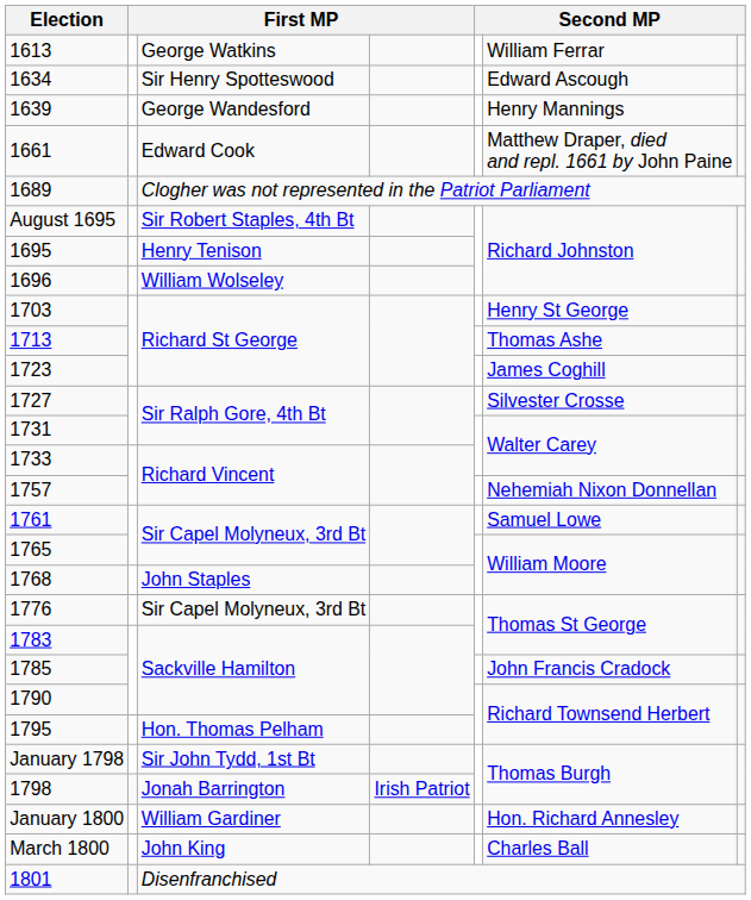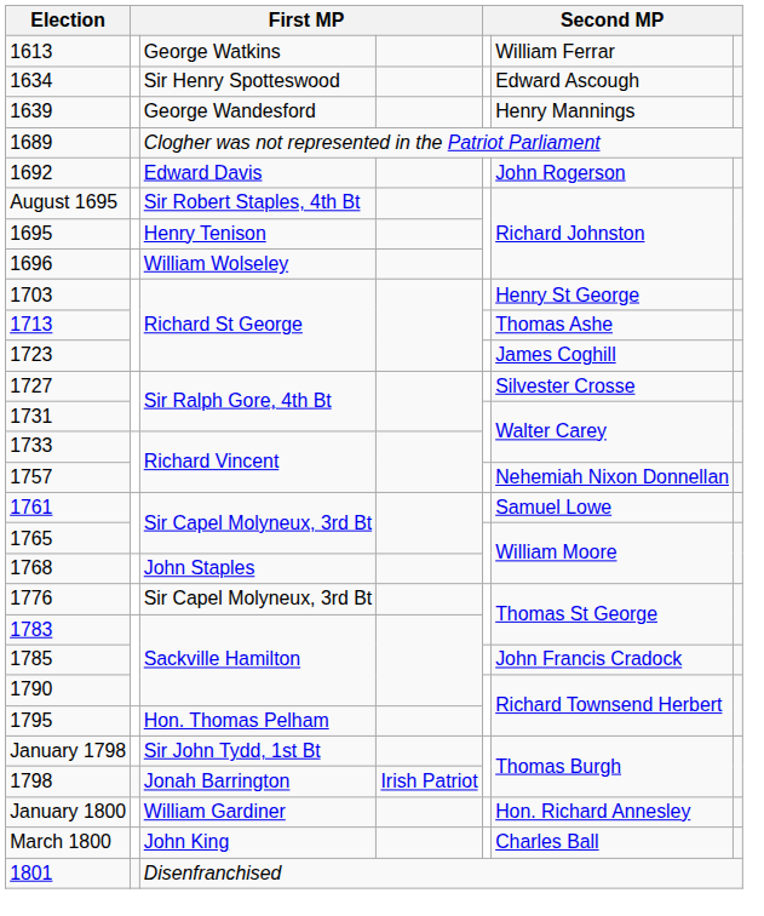 <table class="wikitable">
 <tr>
 <th>Election</th>
 <th colspan=3>First MP</th>
 <th colspan=3>Second MP</th>
 </tr>
 <tr>
 <td>1613</td>
 <td style="background-color: white"></td>
 <td>George Watkins</td>
 <td></td>
 <td style="background-color: white"></td>
 <td>William Ferrar</td>
 <td></td>
 </tr>
 <tr>
 <td>1634</td>
 <td style="background-color: white"></td>
 <td>Sir Henry Spotteswood</td>
 <td></td>
 <td style="background-color: white"></td>
 <td>Edward Ascough</td>
 <td></td>
 </tr>
 <tr>
 <td>1639</td>
 <td style="background-color: white"></td>
 <td>George Wandesford</td>
 <td></td>
 <td style="background-color: white"></td>
 <td>Henry Mannings</td>
 <td></td>
 </tr>
 <tr>
-<td>1661</td>
-<td style="background-color: white"></td>
-<td>Edward Cook</td>
-<td></td>
-<td style="background-color: white"></td>
-<td>Matthew Draper, <em>died <br> and repl. 1661 by</em> John Paine</td>
-<td></td>
-</tr>
-<tr>
 <td>1689</td>
 <td></td>
 <td colspan="5"><em>Clogher was not represented in the <a href='#'>Patriot Parliament</a></em></td>
+</tr>
+<tr>
+<td>1692</td>
+<td style="background-color: white"></td>
+<td><a href='#'>Edward Davis</a></td>
+<td></td>
+<td style="background-color: white"></td>
+<td><a href='#'>John Rogerson</a></td>
+<td></td>
 </tr>
 <tr>
 <td>August 1695</td>
 <td style="background-color: white"></td>
 <td><a href='#'>Sir Robert Staples, 4th Bt</a></td>
 <td></td>
 <td rowspan="3" style="background-color: white"></td>
 <td rowspan="3"><a href='#'>Richard Johnston</a></td>
 <td rowspan="3"></td>
 </tr>
 <tr>
 <td>1695</td>
 <td style="background-color: white"></td>
 <td><a href='#'>Henry Tenison</a></td>
 <td></td>
 </tr>
 <tr>
 <td>1696</td>
 <td style="background-color: white"></td>
 <td><a href='#'>William Wolseley</a></td>
 <td></td>
 </tr>
 <tr>
 <td>1703</td>
 <td rowspan="3" style="background-color: white"></td>
 <td rowspan="3"><a href='#'>Richard St George</a></td>
 <td rowspan="3"></td>
 <td style="background-color: white"></td>
 <td><a href='#'>Henry St George</a></td>
 <td></td>
 </tr>
 <tr>
 <td><a href='#'>1713</a></td>
 <td style="background-color: white"></td>
 <td><a href='#'>Thomas Ashe</a></td>
 <td></td>
 </tr>
 <tr>
 <td>1723</td>
 <td style="background-color: white"></td>
 <td><a href='#'>James Coghill</a></td>
 <td></td>
 </tr>
 <tr>
 <td>1727</td>
 <td rowspan="2" style="background-color: white"></td>
 <td rowspan="2"><a href='#'>Sir Ralph Gore, 4th Bt</a></td>
 <td rowspan="2"></td>
 <td style="background-color: white"></td>
 <td><a href='#'>Silvester Crosse</a></td>
 <td></td>
 </tr>
 <tr>
 <td>1731</td>
 <td rowspan="2" style="background-color: white"></td>
 <td rowspan="2"><a href='#'>Walter Carey</a></td>
 <td rowspan="2"></td>
 </tr>
 <tr>
 <td>1733</td>
 <td rowspan="2" style="background-color: white"></td>
 <td rowspan="2"><a href='#'>Richard Vincent</a></td>
 <td rowspan="2"></td>
 </tr>
 <tr>
 <td>1757</td>
 <td style="background-color: white"></td>
 <td><a href='#'>Nehemiah Nixon Donnellan</a></td>
 <td></td>
 </tr>
 <tr>
 <td><a href='#'>1761</a></td>
 <td rowspan="2" style="background-color: white"></td>
 <td rowspan="2"><a href='#'>Sir Capel Molyneux, 3rd Bt</a></td>
 <td rowspan="2"></td>
 <td style="background-color: white"></td>
 <td><a href='#'>Samuel Lowe</a></td>
 <td></td>
 </tr>
 <tr>
 <td>1765</td>
 <td rowspan="2" style="background-color: white"></td>
 <td rowspan="2"><a href='#'>William Moore</a></td>
 <td rowspan="2"></td>
 </tr>
 <tr>
 <td>1768</td>
 <td style="background-color: white"></td>
 <td><a href='#'>John Staples</a></td>
 <td></td>
 </tr>
 <tr>
 <td>1776</td>
 <td style="background-color: white"></td>
 <td>Sir Capel Molyneux, 3rd Bt</td>
 <td></td>
 <td rowspan="2" style="background-color: white"></td>
 <td rowspan="2"><a href='#'>Thomas St George</a></td>
 <td rowspan="2"></td>
 </tr>
 <tr>
 <td><a href='#'>1783</a></td>
 <td rowspan="3" style="background-color: white"></td>
 <td rowspan="3"><a href='#'>Sackville Hamilton</a></td>
 <td rowspan="3"></td>
 </tr>
 <tr>
 <td>1785</td>
 <td style="background-color: white"></td>
 <td><a href='#'>John Francis Cradock</a></td>
 <td></td>
 </tr>
 <tr>
 <td>1790</td>
 <td rowspan="2" style="background-color: white"></td>
 <td rowspan="2"><a href='#'>Richard Townsend Herbert</a></td>
 <td rowspan="2"></td>
 </tr>
 <tr>
 <td>1795</td>
 <td style="background-color: white"></td>
 <td><a href='#'>Hon. Thomas Pelham</a></td>
 <td></td>
 </tr>
 <tr>
 <td>January 1798</td>
 <td style="background-color: white"></td>
 <td><a href='#'>Sir John Tydd, 1st Bt</a></td>
 <td></td>
 <td rowspan="2" style="background-color: white"></td>
 <td rowspan="2"><a href='#'>Thomas Burgh</a></td>
 <td rowspan="2"></td>
 </tr>
 <tr>
 <td>1798</td>
 <td style="background-color: "></td>
 <td><a href='#'>Jonah Barrington</a></td>
 <td><a href='#'>Irish Patriot</a></td>
 </tr>
 <tr>
 <td>January 1800</td>
 <td style="background-color: white"></td>
 <td><a href='#'>William Gardiner</a></td>
 <td></td>
 <td style="background-color: white"></td>
 <td><a href='#'>Hon. Richard Annesley</a></td>
 <td></td>
 </tr>
 <tr>
 <td>March 1800</td>
 <td style="background-color: white"></td>
 <td><a href='#'>John King</a></td>
 <td></td>
 <td style="background-color: white"></td>
 <td><a href='#'>Charles Ball</a></td>
 <td></td>
 </tr>
 <tr>
 <td><a href='#'>1801</a></td>
 <td></td>
 <td colspan="5"><em>Disenfranchised</em></td>
 </tr>
 </table>
